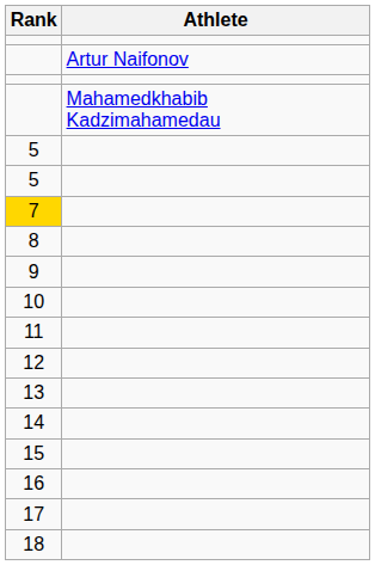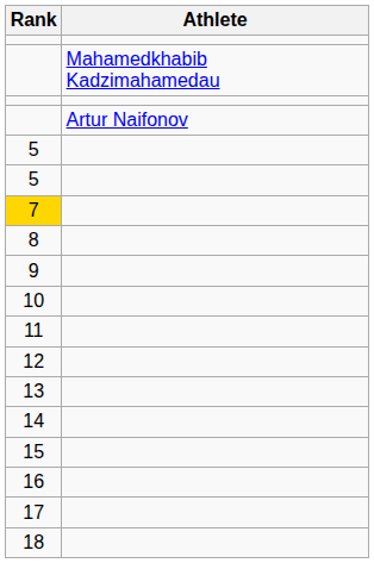 <table class="wikitable" style="text-align: center;">
 <tr>
 <th width=40>Rank</th>
 <th width=250>Athlete</th>
 </tr>
 <tr>
 <td></td>
 <td align="left"></td>
 </tr>
 <tr>
 <td></td>
-<td align="left"> <a href='#'>Artur Naifonov</a> </td>
+<td align="left"> <a href='#'>Mahamedkhabib Kadzimahamedau</a> </td>
 </tr>
 <tr>
 <td></td>
 <td align="left"></td>
 </tr>
 <tr>
 <td></td>
-<td align="left"> <a href='#'>Mahamedkhabib Kadzimahamedau</a> </td>
+<td align="left"> <a href='#'>Artur Naifonov</a> </td>
 </tr>
 <tr>
 <td>5</td>
 <td align="left"></td>
 </tr>
 <tr>
 <td>5</td>
 <td align="left"></td>
 </tr>
 <tr>
 <td style="background: gold;">7</td>
 <td align="left"></td>
 </tr>
 <tr>
 <td>8</td>
 <td align="left"></td>
 </tr>
 <tr>
 <td>9</td>
 <td align="left"></td>
 </tr>
 <tr>
 <td>10</td>
 <td align="left"></td>
 </tr>
 <tr>
 <td>11</td>
 <td align="left"></td>
 </tr>
 <tr>
 <td>12</td>
 <td align="left"></td>
 </tr>
 <tr>
 <td>13</td>
 <td align="left"></td>
 </tr>
 <tr>
 <td>14</td>
 <td align="left"></td>
 </tr>
 <tr>
 <td>15</td>
 <td align="left"></td>
 </tr>
 <tr>
 <td>16</td>
 <td align="left"></td>
 </tr>
 <tr>
 <td>17</td>
 <td align="left"></td>
 </tr>
 <tr>
 <td>18</td>
 <td align="left"></td>
 </tr>
 </table>
